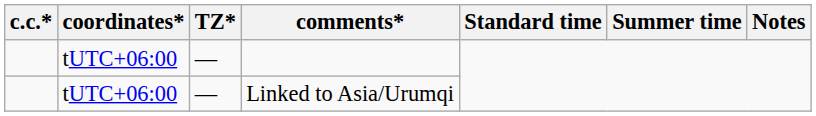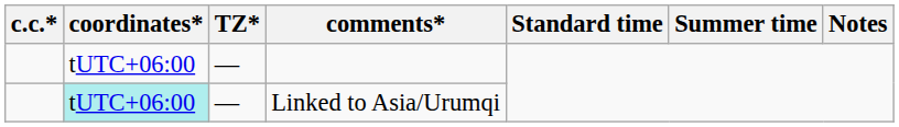 <table class="wikitable sortable">
 <tr>
 <th>c.c.*</th>
 <th>coordinates*</th>
 <th>TZ*</th>
 <th>comments*</th>
 <th>Standard time</th>
 <th>Summer time</th>
 <th>Notes</th>
 </tr>
 <tr>
 <td></td>
 <td><span>t</span><a href='#'>UTC+06:00</a></td>
 <td>—</td>
 <td></td>
 </tr>
 <tr>
 <td></td>
-<td><span>t</span><a href='#'>UTC+06:00</a></td>
+<td style="background: paleturquoise;"><span>t</span><a href='#'>UTC+06:00</a></td>
 <td>—</td>
 <td>Linked to Asia/Urumqi</td>
 </tr>
 </table>
